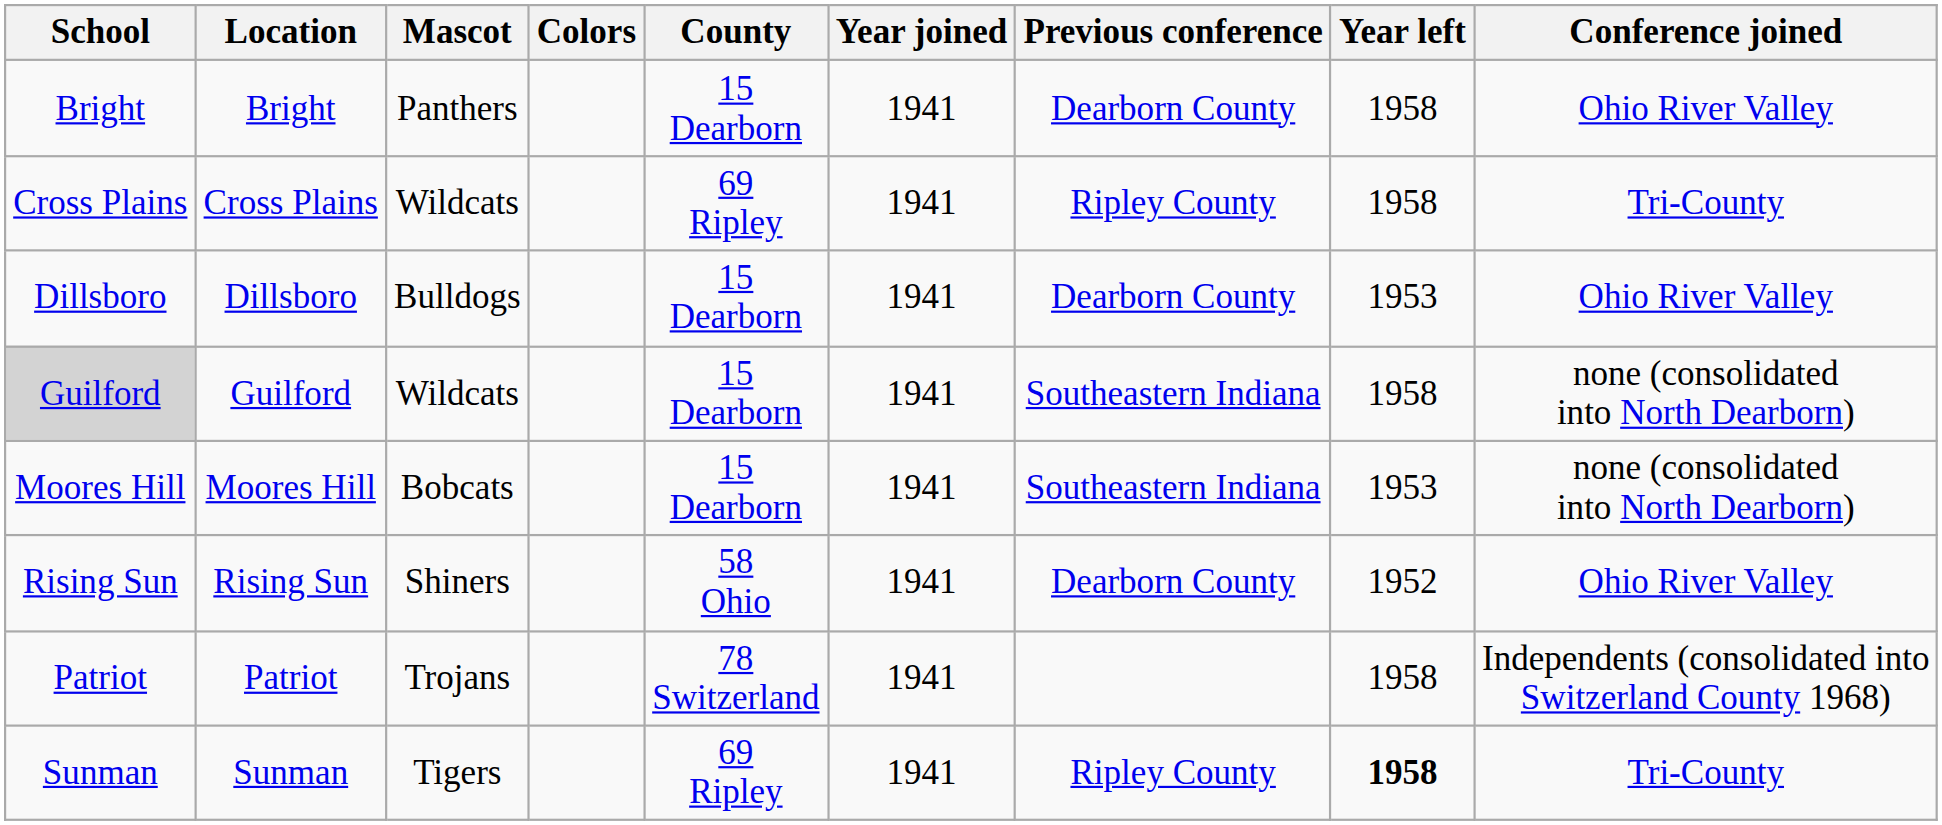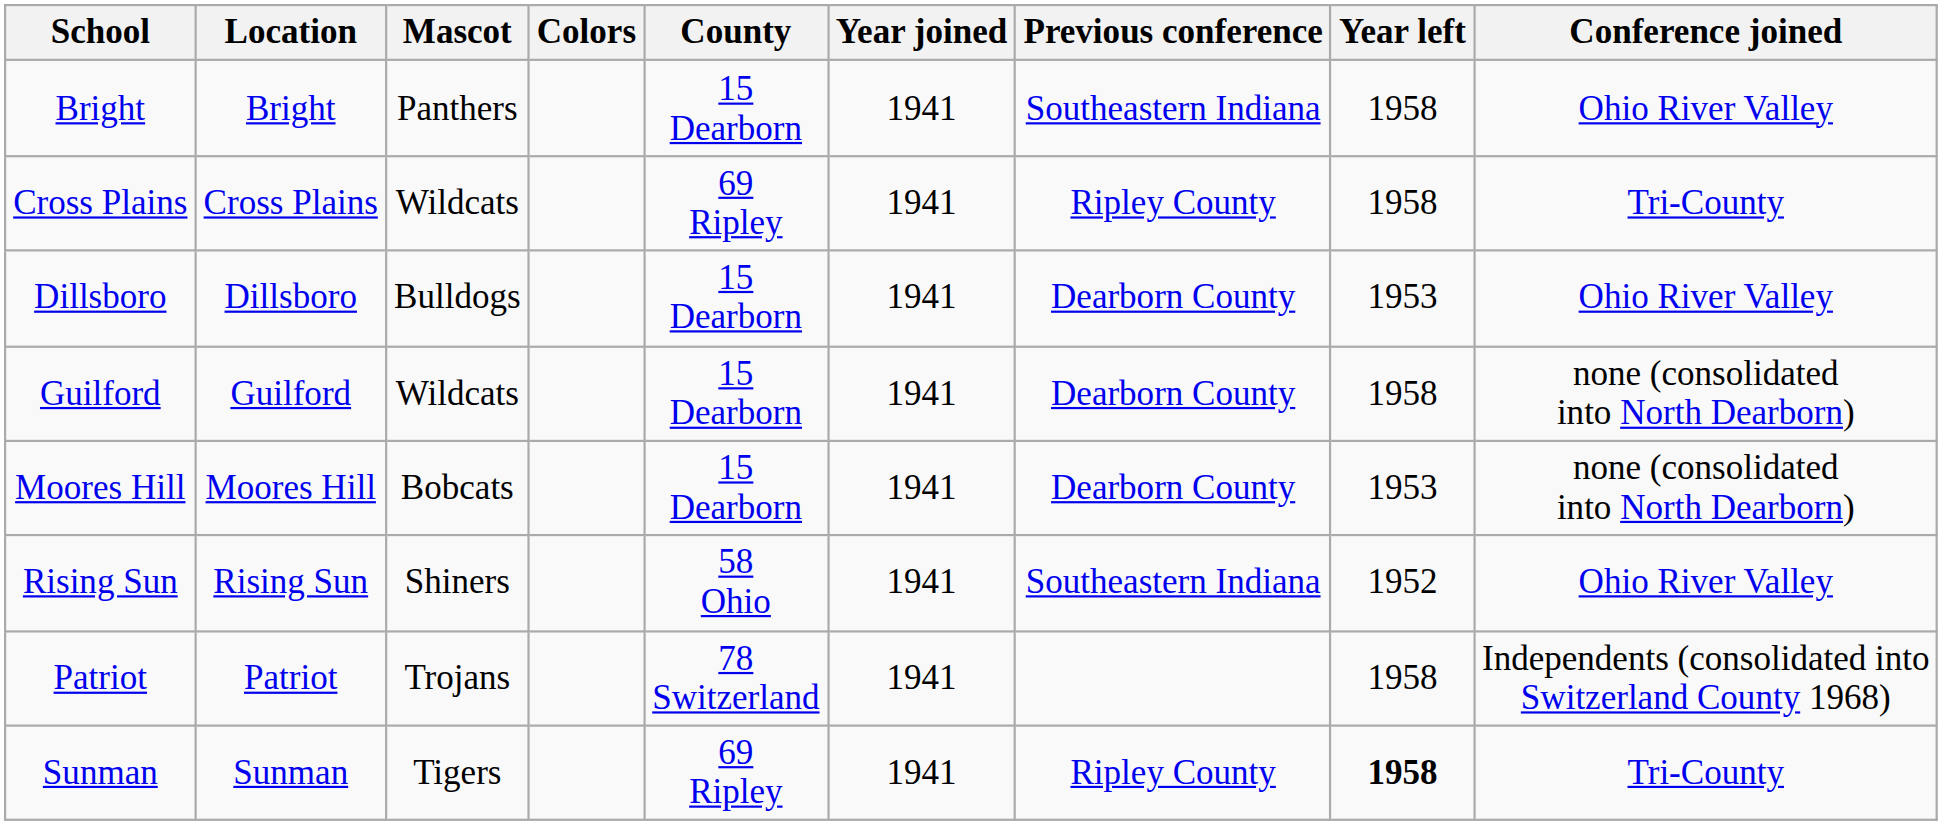 <table class="wikitable" style="text-align:center;">
 <tr>
 <th>School</th>
 <th>Location</th>
 <th>Mascot</th>
 <th>Colors</th>
 <th>County</th>
 <th>Year joined</th>
 <th>Previous conference</th>
 <th>Year left</th>
 <th>Conference joined</th>
 </tr>
 <tr>
 <td><a href='#'>Bright</a></td>
 <td><a href='#'>Bright</a></td>
 <td>Panthers</td>
 <td> </td>
 <td><a href='#'>15 <br> Dearborn</a></td>
 <td>1941</td>
-<td><a href='#'>Dearborn County</a></td>
+<td><a href='#'>Southeastern Indiana</a></td>
 <td>1958</td>
 <td><a href='#'>Ohio River Valley</a></td>
 </tr>
 <tr>
 <td><a href='#'>Cross Plains</a></td>
 <td><a href='#'>Cross Plains</a></td>
 <td>Wildcats</td>
 <td> </td>
 <td><a href='#'>69 <br> Ripley</a></td>
 <td>1941</td>
 <td><a href='#'>Ripley County</a></td>
 <td>1958</td>
 <td><a href='#'>Tri-County</a></td>
 </tr>
 <tr>
 <td><a href='#'>Dillsboro</a></td>
 <td><a href='#'>Dillsboro</a></td>
 <td>Bulldogs</td>
 <td>  </td>
 <td><a href='#'>15 <br> Dearborn</a></td>
 <td>1941</td>
 <td><a href='#'>Dearborn County</a></td>
 <td>1953</td>
 <td><a href='#'>Ohio River Valley</a></td>
 </tr>
 <tr>
-<td style="background: lightgrey;"><a href='#'>Guilford</a></td>
+<td><a href='#'>Guilford</a></td>
 <td><a href='#'>Guilford</a></td>
 <td>Wildcats</td>
 <td> </td>
 <td><a href='#'>15 <br> Dearborn</a></td>
 <td>1941</td>
-<td><a href='#'>Southeastern Indiana</a></td>
+<td><a href='#'>Dearborn County</a></td>
 <td>1958</td>
 <td>none (consolidated <br> into <a href='#'>North Dearborn</a>)</td>
 </tr>
 <tr>
 <td><a href='#'>Moores Hill</a></td>
 <td><a href='#'>Moores Hill</a></td>
 <td>Bobcats</td>
 <td> </td>
 <td><a href='#'>15 <br> Dearborn</a></td>
 <td>1941</td>
-<td><a href='#'>Southeastern Indiana</a></td>
+<td><a href='#'>Dearborn County</a></td>
 <td>1953</td>
 <td>none (consolidated <br> into <a href='#'>North Dearborn</a>)</td>
 </tr>
 <tr>
 <td><a href='#'>Rising Sun</a></td>
 <td><a href='#'>Rising Sun</a></td>
 <td>Shiners</td>
 <td>  </td>
 <td><a href='#'>58 <br> Ohio</a></td>
 <td>1941</td>
-<td><a href='#'>Dearborn County</a></td>
+<td><a href='#'>Southeastern Indiana</a></td>
 <td>1952</td>
 <td><a href='#'>Ohio River Valley</a></td>
 </tr>
 <tr>
 <td><a href='#'>Patriot</a></td>
 <td><a href='#'>Patriot</a></td>
 <td>Trojans</td>
 <td> </td>
 <td><a href='#'>78 <br> Switzerland</a></td>
 <td>1941</td>
 <td></td>
 <td>1958</td>
 <td>Independents (consolidated into <br> <a href='#'>Switzerland County</a> 1968)</td>
 </tr>
 <tr>
 <td><a href='#'>Sunman</a></td>
 <td><a href='#'>Sunman</a></td>
 <td>Tigers</td>
 <td>  </td>
 <td><a href='#'>69 <br> Ripley</a></td>
 <td>1941</td>
 <td><a href='#'>Ripley County</a></td>
 <td><strong>1958</strong></td>
 <td><a href='#'>Tri-County</a></td>
 </tr>
 </table>
